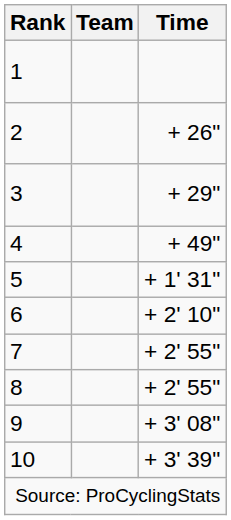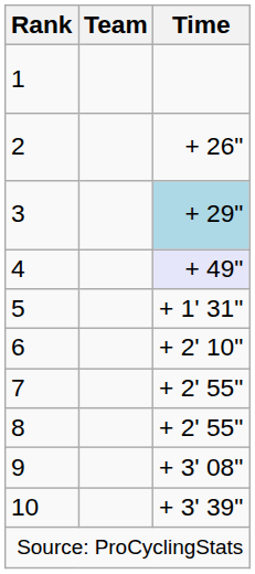 <table class="wikitable">
 <tr>
 <th>Rank</th>
 <th>Team</th>
 <th>Time</th>
 </tr>
 <tr>
 <td>1</td>
 <td><br><br></td>
 <td align="right"></td>
 </tr>
 <tr>
 <td>2</td>
 <td><br><br></td>
 <td align="right">+ 26"</td>
 </tr>
 <tr>
 <td>3</td>
 <td><br><br></td>
-<td align="right">+ 29"</td>
+<td align="right" style="background: lightblue;">+ 29"</td>
 </tr>
 <tr>
 <td>4</td>
 <td></td>
-<td align="right">+ 49"</td>
+<td align="right" style="background: lavender;">+ 49"</td>
 </tr>
 <tr>
 <td>5</td>
 <td></td>
 <td align="right">+ 1' 31"</td>
 </tr>
 <tr>
 <td>6</td>
 <td></td>
 <td align="right">+ 2' 10"</td>
 </tr>
 <tr>
 <td>7</td>
 <td></td>
 <td align="right">+ 2' 55"</td>
 </tr>
 <tr>
 <td>8</td>
 <td></td>
 <td align="right">+ 2' 55"</td>
 </tr>
 <tr>
 <td>9</td>
 <td></td>
 <td align="right">+ 3' 08"</td>
 </tr>
 <tr>
 <td>10</td>
 <td></td>
 <td align="right">+ 3' 39"</td>
 </tr>
 <tr>
 <td colspan="4" style="text-align: right"><small>Source: ProCyclingStats</small></td>
 </tr>
 </table>
